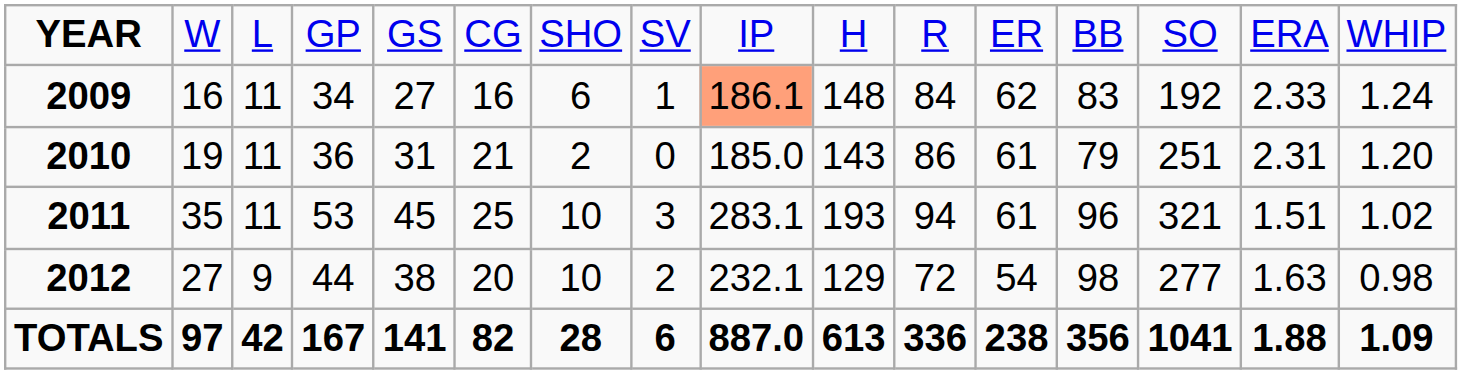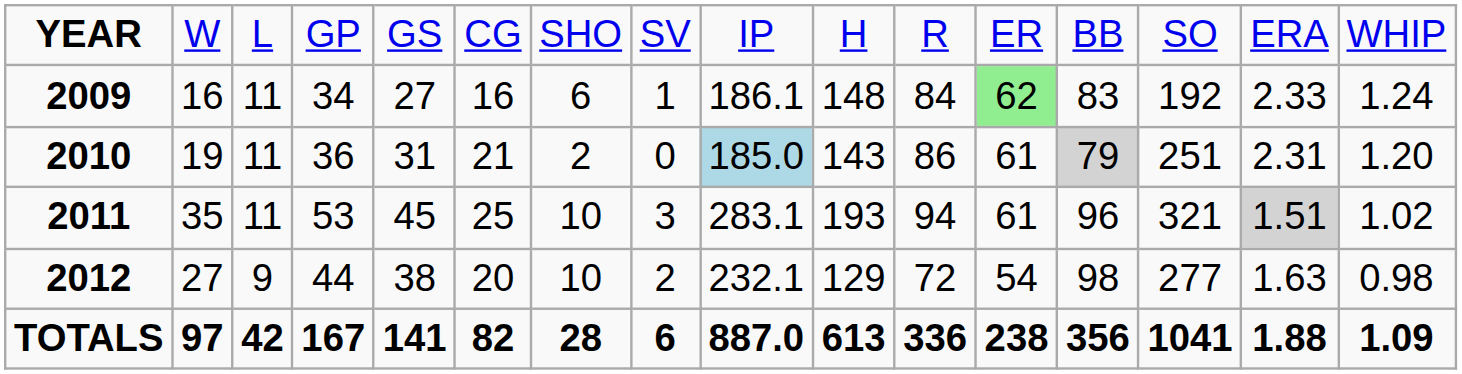 <table class="wikitable">
 <tr align=center>
 <td><strong>YEAR</strong></td>
 <td><a href='#'>W</a></td>
 <td><a href='#'>L</a></td>
 <td><a href='#'>GP</a></td>
 <td><a href='#'>GS</a></td>
 <td><a href='#'>CG</a></td>
 <td><a href='#'>SHO</a></td>
 <td><a href='#'>SV</a></td>
 <td><a href='#'>IP</a></td>
 <td><a href='#'>H</a></td>
 <td><a href='#'>R</a></td>
 <td><a href='#'>ER</a></td>
 <td><a href='#'>BB</a></td>
 <td><a href='#'>SO</a></td>
 <td><a href='#'>ERA</a></td>
 <td><a href='#'>WHIP</a></td>
 </tr>
 <tr align=center>
 <td><strong>2009</strong></td>
 <td>16</td>
 <td>11</td>
 <td>34</td>
 <td>27</td>
 <td>16</td>
 <td>6</td>
 <td>1</td>
-<td style="background: lightsalmon;">186.1</td>
+<td>186.1</td>
 <td>148</td>
 <td>84</td>
-<td>62</td>
+<td style="background: lightgreen;">62</td>
 <td>83</td>
 <td>192</td>
 <td>2.33</td>
 <td>1.24</td>
 </tr>
 <tr align=center>
 <td><strong>2010</strong></td>
 <td>19</td>
 <td>11</td>
 <td>36</td>
 <td>31</td>
 <td>21</td>
 <td>2</td>
 <td>0</td>
-<td>185.0</td>
+<td style="background: lightblue;">185.0</td>
 <td>143</td>
 <td>86</td>
 <td>61</td>
-<td>79</td>
+<td style="background: lightgrey;">79</td>
 <td>251</td>
 <td>2.31</td>
 <td>1.20</td>
 </tr>
 <tr align=center>
 <td><strong>2011</strong></td>
 <td>35</td>
 <td>11</td>
 <td>53</td>
 <td>45</td>
 <td>25</td>
 <td>10</td>
 <td>3</td>
 <td>283.1</td>
 <td>193</td>
 <td>94</td>
 <td>61</td>
 <td>96</td>
 <td>321</td>
-<td>1.51</td>
+<td style="background: lightgrey;">1.51</td>
 <td>1.02</td>
 </tr>
 <tr align=center>
 <td><strong>2012</strong></td>
 <td>27</td>
 <td>9</td>
 <td>44</td>
 <td>38</td>
 <td>20</td>
 <td>10</td>
 <td>2</td>
 <td>232.1</td>
 <td>129</td>
 <td>72</td>
 <td>54</td>
 <td>98</td>
 <td>277</td>
 <td>1.63</td>
 <td>0.98</td>
 </tr>
 <tr align=center>
 <td><strong>TOTALS</strong></td>
 <td><strong>97</strong></td>
 <td><strong>42</strong></td>
 <td><strong>167</strong></td>
 <td><strong>141</strong></td>
 <td><strong>82</strong></td>
 <td><strong>28</strong></td>
 <td><strong>6</strong></td>
 <td><strong>887.0</strong></td>
 <td><strong>613</strong></td>
 <td><strong>336</strong></td>
 <td><strong>238</strong></td>
 <td><strong>356</strong></td>
 <td><strong>1041</strong></td>
 <td><strong>1.88</strong></td>
 <td><strong>1.09</strong></td>
 </tr>
 </table>
